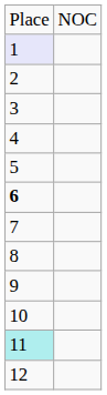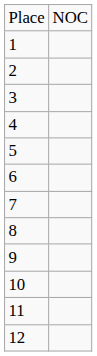 <table class="wikitable">
 <tr>
 <td align="center">Place</td>
 <td align="center">NOC</td>
 </tr>
 <tr>
-<td style="background: lavender;">1</td>
+<td>1</td>
 <td></td>
 </tr>
 <tr>
 <td>2</td>
 <td></td>
 </tr>
 <tr>
 <td>3</td>
 <td></td>
 </tr>
 <tr>
 <td>4</td>
 <td></td>
 </tr>
 <tr>
 <td>5</td>
 <td></td>
 </tr>
 <tr>
-<td><strong>6</strong></td>
+<td>6</td>
 <td></td>
 </tr>
 <tr>
 <td>7</td>
 <td></td>
 </tr>
 <tr>
 <td>8</td>
 <td></td>
 </tr>
 <tr>
 <td>9</td>
 <td></td>
 </tr>
 <tr>
 <td>10</td>
 <td></td>
 </tr>
 <tr>
-<td style="background: paleturquoise;">11</td>
+<td>11</td>
 <td></td>
 </tr>
 <tr>
 <td>12</td>
 <td></td>
 </tr>
 </table>
